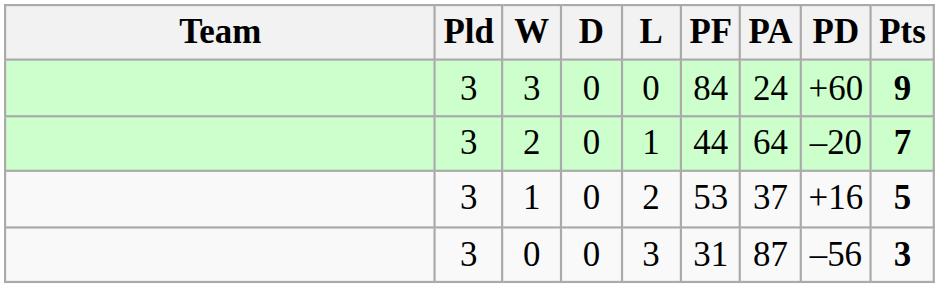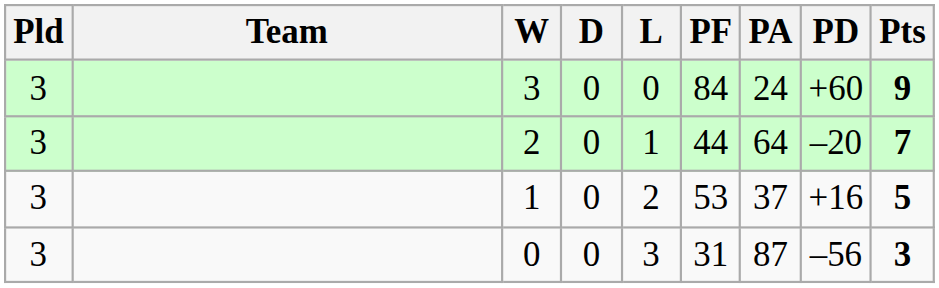 <table class="wikitable" style="text-align:center;">
 <tr>
+<th width=20 abbr="Played">Pld</th>
 <th width=190>Team</th>
-<th width=20 abbr="Played">Pld</th>
 <th width=20 abbr="Won">W</th>
 <th width=20 abbr="Drawn">D</th>
 <th width=20 abbr="Lost">L</th>
 <th width=20 abbr="Points for">PF</th>
 <th width=20 abbr="Points against">PA</th>
 <th width=25 abbr="Points difference">PD</th>
 <th width=20 abbr="Points">Pts</th>
 </tr>
 <tr style="background:#ccffcc">
+<td>3</td>
 <td align=left></td>
-<td>3</td>
 <td>3</td>
 <td>0</td>
 <td>0</td>
 <td>84</td>
 <td>24</td>
 <td>+60</td>
 <td><strong>9</strong></td>
 </tr>
 <tr style="background:#ccffcc">
+<td>3</td>
 <td align=left></td>
-<td>3</td>
 <td>2</td>
 <td>0</td>
 <td>1</td>
 <td>44</td>
 <td>64</td>
 <td>–20</td>
 <td><strong>7</strong></td>
 </tr>
 <tr>
+<td>3</td>
 <td align=left></td>
-<td>3</td>
 <td>1</td>
 <td>0</td>
 <td>2</td>
 <td>53</td>
 <td>37</td>
 <td>+16</td>
 <td><strong>5</strong></td>
 </tr>
 <tr>
+<td>3</td>
 <td align=left></td>
-<td>3</td>
 <td>0</td>
 <td>0</td>
 <td>3</td>
 <td>31</td>
 <td>87</td>
 <td>–56</td>
 <td><strong>3</strong></td>
 </tr>
 </table>
